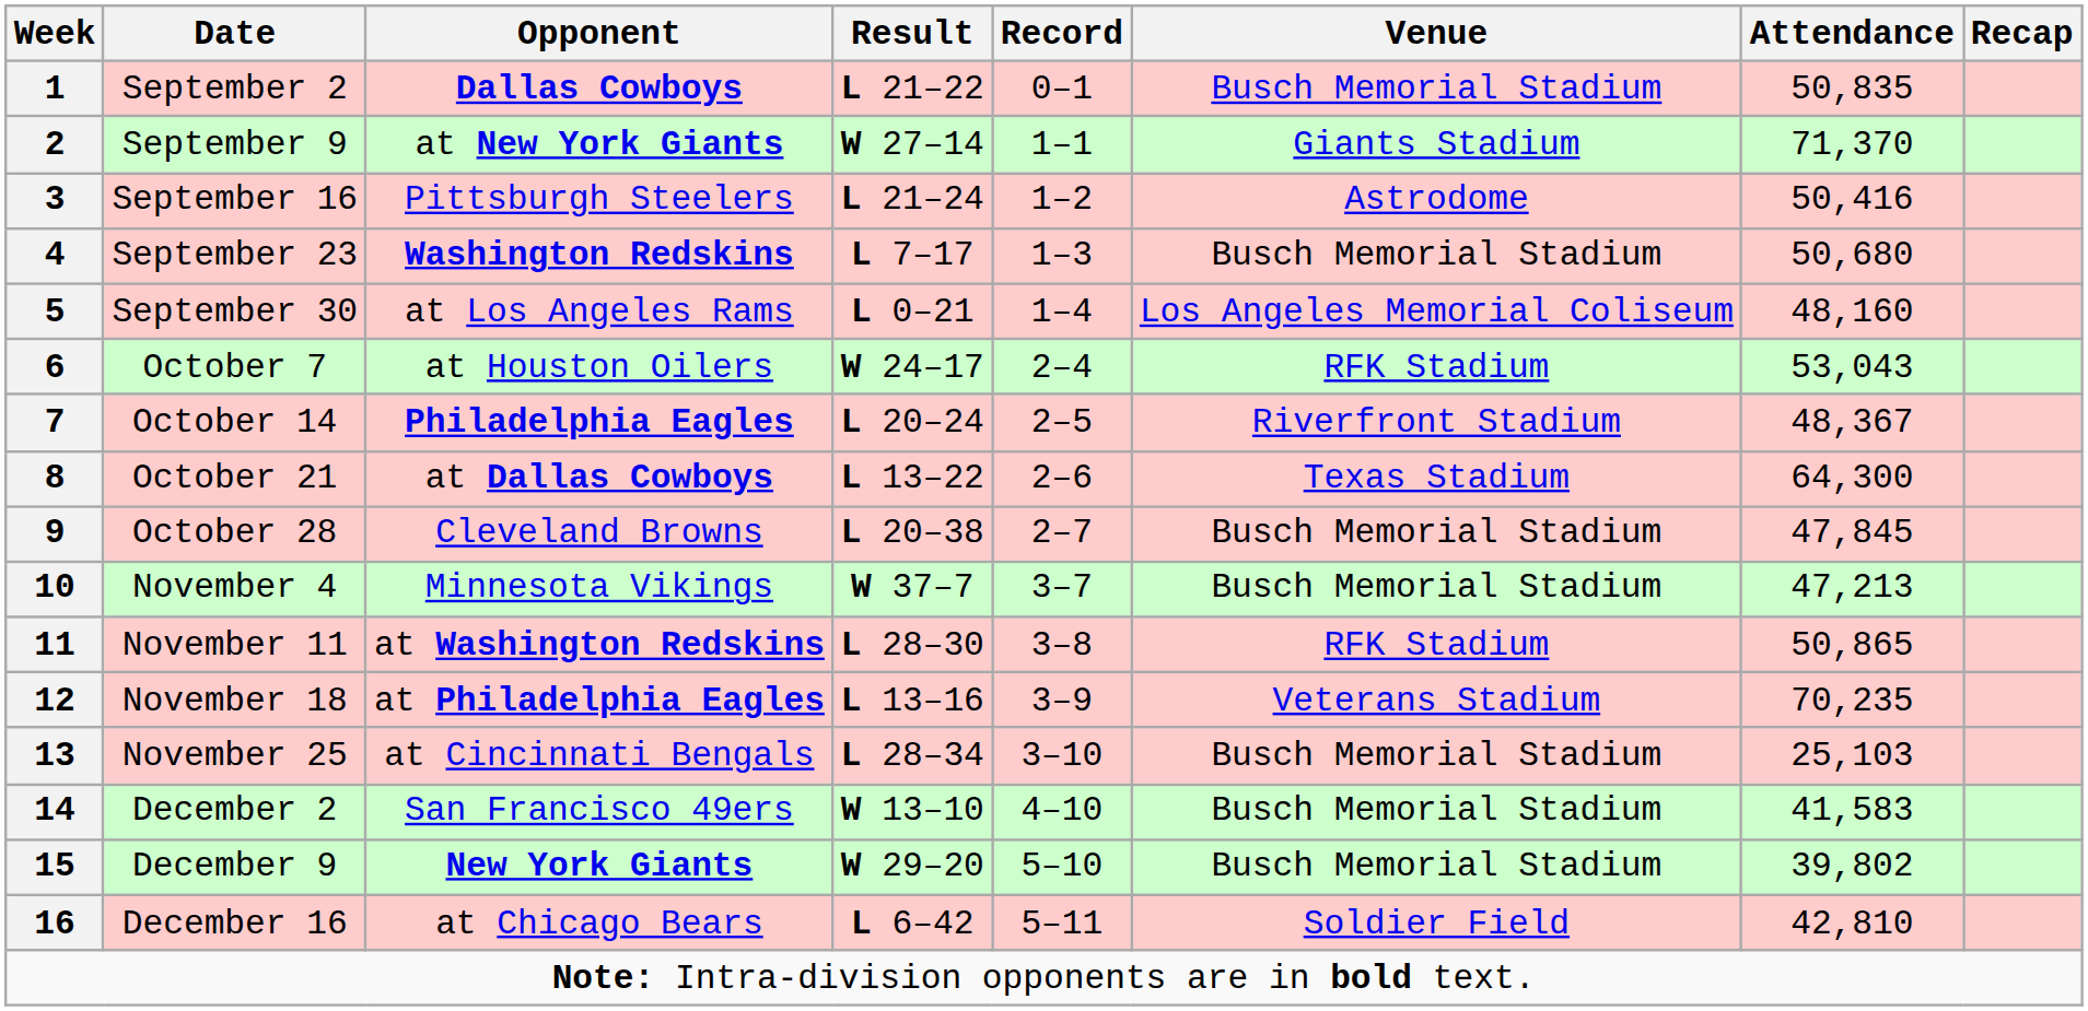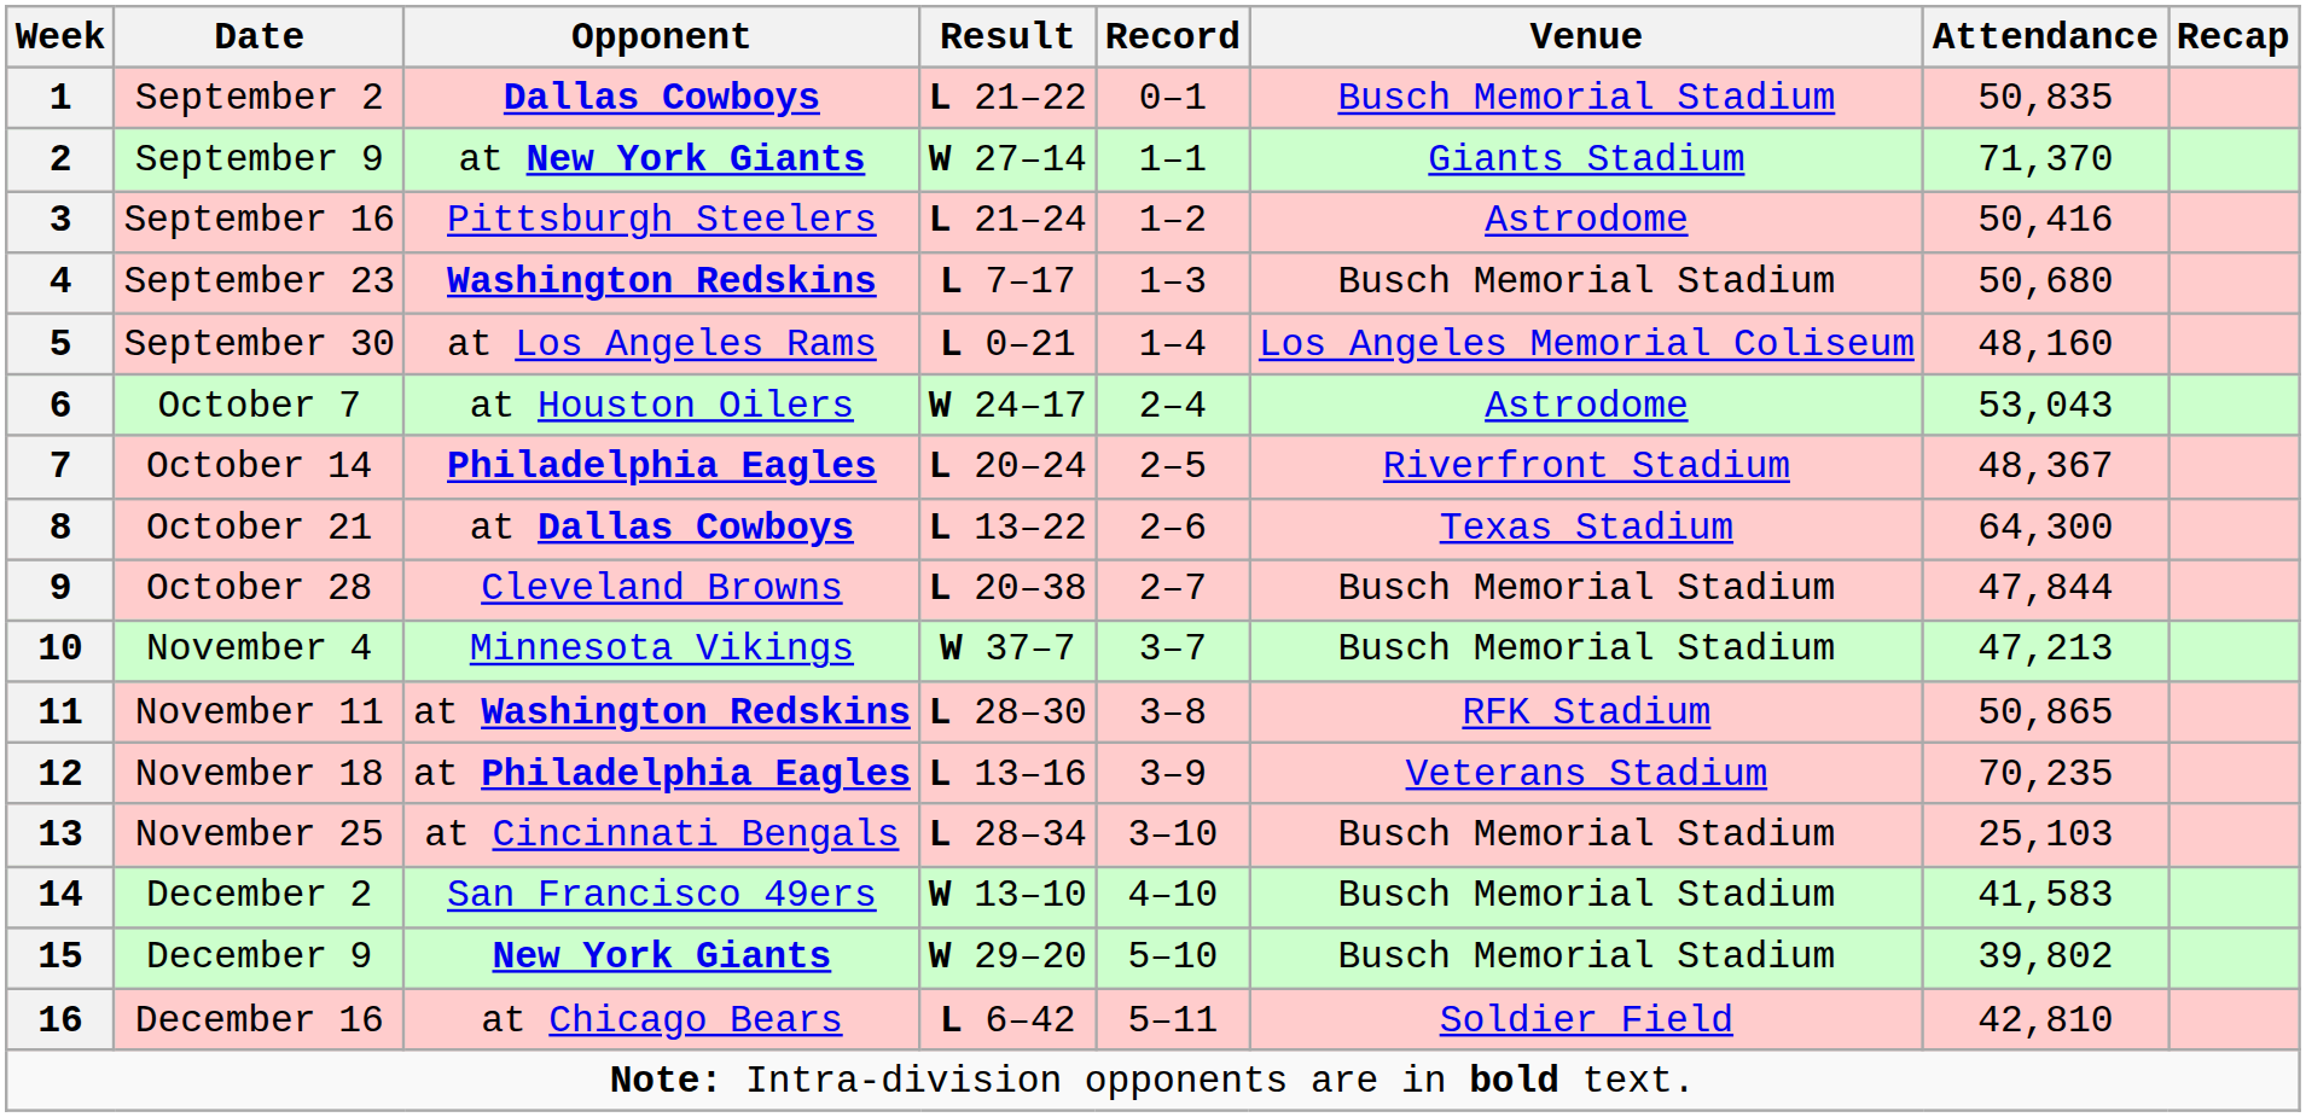 <table class="wikitable" style="text-align:center">
 <tr>
 <th>Week</th>
 <th>Date</th>
 <th>Opponent</th>
 <th>Result</th>
 <th>Record</th>
 <th>Venue</th>
 <th>Attendance</th>
 <th>Recap</th>
 </tr>
 <tr style="background:#fcc">
 <th>1</th>
 <td>September 2</td>
 <td><strong><a href='#'>Dallas Cowboys</a></strong></td>
 <td><strong>L</strong> 21–22</td>
 <td>0–1</td>
 <td><a href='#'>Busch Memorial Stadium</a></td>
 <td>50,835</td>
 <td></td>
 </tr>
 <tr style="background:#cfc">
 <th>2</th>
 <td>September 9</td>
 <td>at <strong><a href='#'>New York Giants</a></strong></td>
 <td><strong>W</strong> 27–14</td>
 <td>1–1</td>
 <td><a href='#'>Giants Stadium</a></td>
 <td>71,370</td>
 <td></td>
 </tr>
 <tr style="background:#fcc">
 <th>3</th>
 <td>September 16</td>
 <td><a href='#'>Pittsburgh Steelers</a></td>
 <td><strong>L</strong> 21–24</td>
 <td>1–2</td>
 <td><a href='#'>Astrodome</a></td>
 <td>50,416</td>
 <td></td>
 </tr>
 <tr style="background:#fcc">
 <th>4</th>
 <td>September 23</td>
 <td><strong><a href='#'>Washington Redskins</a></strong></td>
 <td><strong>L</strong> 7–17</td>
 <td>1–3</td>
 <td>Busch Memorial Stadium</td>
 <td>50,680</td>
 <td></td>
 </tr>
 <tr style="background:#fcc">
 <th>5</th>
 <td>September 30</td>
 <td>at <a href='#'>Los Angeles Rams</a></td>
 <td><strong>L</strong>  0–21</td>
 <td>1–4</td>
 <td><a href='#'>Los Angeles Memorial Coliseum</a></td>
 <td>48,160</td>
 <td></td>
 </tr>
 <tr style="background:#cfc">
 <th>6</th>
 <td>October 7</td>
 <td>at <a href='#'>Houston Oilers</a></td>
 <td><strong>W</strong>  24–17</td>
 <td>2–4</td>
-<td><a href='#'>RFK Stadium</a></td>
+<td><a href='#'>Astrodome</a></td>
 <td>53,043</td>
 <td></td>
 </tr>
 <tr style="background:#fcc">
 <th>7</th>
 <td>October 14</td>
 <td><strong><a href='#'>Philadelphia Eagles</a></strong></td>
 <td><strong>L</strong> 20–24</td>
 <td>2–5</td>
 <td><a href='#'>Riverfront Stadium</a></td>
 <td>48,367</td>
 <td></td>
 </tr>
 <tr style="background:#fcc">
 <th>8</th>
 <td>October 21</td>
 <td>at <strong><a href='#'>Dallas Cowboys</a></strong></td>
 <td><strong>L</strong> 13–22</td>
 <td>2–6</td>
 <td><a href='#'>Texas Stadium</a></td>
 <td>64,300</td>
 <td></td>
 </tr>
 <tr style="background:#fcc">
 <th>9</th>
 <td>October 28</td>
 <td><a href='#'>Cleveland Browns</a></td>
 <td><strong>L</strong>  20–38</td>
 <td>2–7</td>
 <td>Busch Memorial Stadium</td>
-<td>47,845</td>
+<td>47,844</td>
 <td></td>
 </tr>
 <tr style="background:#cfc">
 <th>10</th>
 <td>November 4</td>
 <td><a href='#'>Minnesota Vikings</a></td>
 <td><strong>W</strong>  37–7</td>
 <td>3–7</td>
 <td>Busch Memorial Stadium</td>
 <td>47,213</td>
 <td></td>
 </tr>
 <tr style="background:#fcc">
 <th>11</th>
 <td>November 11</td>
 <td>at <strong><a href='#'>Washington Redskins</a></strong></td>
 <td><strong>L</strong>  28–30</td>
 <td>3–8</td>
 <td><a href='#'>RFK Stadium</a></td>
 <td>50,865</td>
 <td></td>
 </tr>
 <tr style="background:#fcc">
 <th>12</th>
 <td>November 18</td>
 <td>at <strong><a href='#'>Philadelphia Eagles</a></strong></td>
 <td><strong>L</strong> 13–16</td>
 <td>3–9</td>
 <td><a href='#'>Veterans Stadium</a></td>
 <td>70,235</td>
 <td></td>
 </tr>
 <tr style="background:#fcc">
 <th>13</th>
 <td>November 25</td>
 <td>at <a href='#'>Cincinnati Bengals</a></td>
 <td><strong>L</strong> 28–34</td>
 <td>3–10</td>
 <td>Busch Memorial Stadium</td>
 <td>25,103</td>
 <td></td>
 </tr>
 <tr style="background:#cfc">
 <th>14</th>
 <td>December 2</td>
 <td><a href='#'>San Francisco 49ers</a></td>
 <td><strong>W</strong> 13–10</td>
 <td>4–10</td>
 <td>Busch Memorial Stadium</td>
 <td>41,583</td>
 <td></td>
 </tr>
 <tr style="background:#cfc">
 <th>15</th>
 <td>December 9</td>
 <td><strong><a href='#'>New York Giants</a></strong></td>
 <td><strong>W</strong>  29–20</td>
 <td>5–10</td>
 <td>Busch Memorial Stadium</td>
 <td>39,802</td>
 <td></td>
 </tr>
 <tr style="background:#fcc">
 <th>16</th>
 <td>December 16</td>
 <td>at <a href='#'>Chicago Bears</a></td>
 <td><strong>L</strong> 6–42</td>
 <td>5–11</td>
 <td><a href='#'>Soldier Field</a></td>
 <td>42,810</td>
 <td></td>
 </tr>
 <tr>
 <td colspan="8"><strong>Note:</strong> Intra-division opponents are in <strong>bold</strong> text.</td>
 </tr>
 </table>
